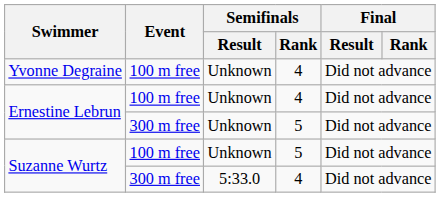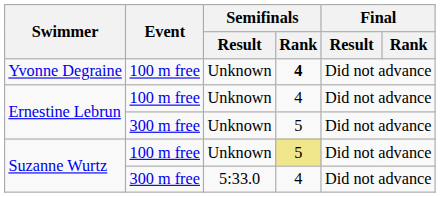 <table class=wikitable style="font-size:90%">
 <tr>
 <th rowspan=2>Swimmer</th>
 <th rowspan=2>Event</th>
 <th colspan=2>Semifinals</th>
 <th colspan=2>Final</th>
 </tr>
 <tr>
 <th>Result</th>
 <th>Rank</th>
 <th>Result</th>
 <th>Rank</th>
 </tr>
 <tr>
 <td><a href='#'>Yvonne Degraine</a></td>
 <td><a href='#'>100 m free</a></td>
 <td align=center>Unknown</td>
-<td align=center>4</td>
+<td align=center><strong>4</strong></td>
 <td align=center colspan=2>Did not advance</td>
 </tr>
 <tr>
 <td rowspan=2><a href='#'>Ernestine Lebrun</a></td>
 <td><a href='#'>100 m free</a></td>
 <td align=center>Unknown</td>
 <td align=center>4</td>
 <td align=center colspan=2>Did not advance</td>
 </tr>
 <tr>
 <td><a href='#'>300 m free</a></td>
 <td align=center>Unknown</td>
 <td align=center>5</td>
 <td align=center colspan=2>Did not advance</td>
 </tr>
 <tr>
 <td rowspan=2><a href='#'>Suzanne Wurtz</a></td>
 <td><a href='#'>100 m free</a></td>
 <td align=center>Unknown</td>
-<td align=center>5</td>
+<td align=center style="background: khaki;">5</td>
 <td align=center colspan=2>Did not advance</td>
 </tr>
 <tr>
 <td><a href='#'>300 m free</a></td>
 <td align=center>5:33.0</td>
 <td align=center>4</td>
 <td align=center colspan=2>Did not advance</td>
 </tr>
 </table>
